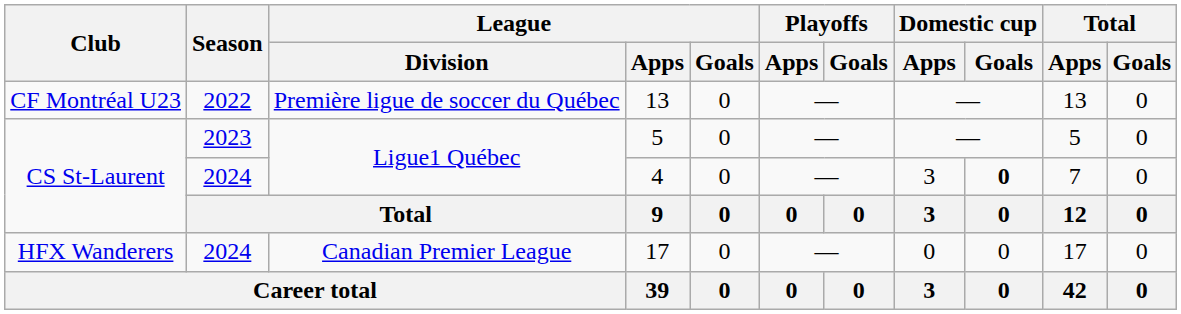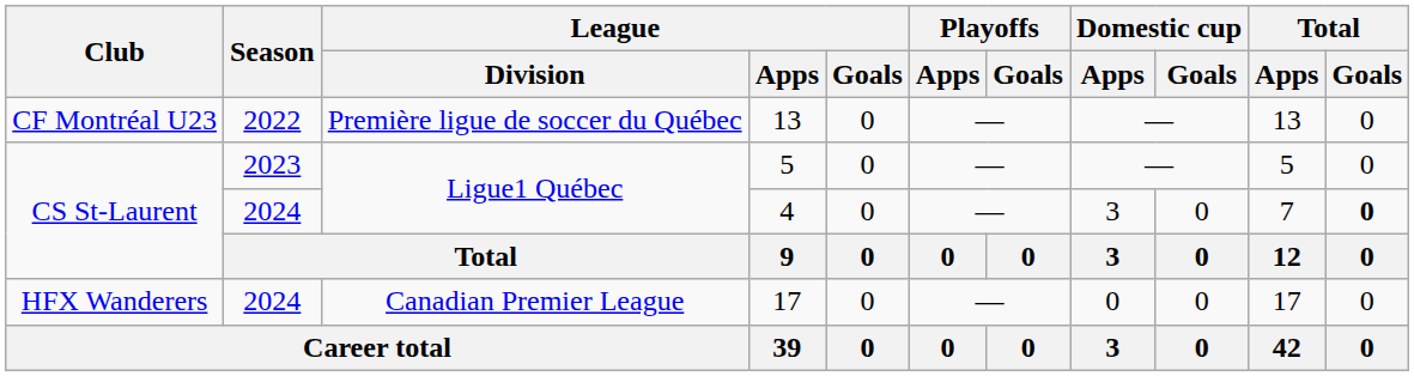 <table class="wikitable" style="text-align:center">
 <tr>
 <th rowspan="2">Club</th>
 <th rowspan="2">Season</th>
 <th colspan="3">League</th>
 <th colspan="2">Playoffs</th>
 <th colspan="2">Domestic cup</th>
 <th colspan="2">Total</th>
 </tr>
 <tr>
 <th>Division</th>
 <th>Apps</th>
 <th>Goals</th>
 <th>Apps</th>
 <th>Goals</th>
 <th>Apps</th>
 <th>Goals</th>
 <th>Apps</th>
 <th>Goals</th>
 </tr>
 <tr>
 <td><a href='#'>CF Montréal U23</a></td>
 <td><a href='#'>2022</a></td>
 <td><a href='#'>Première ligue de soccer du Québec</a></td>
 <td>13</td>
 <td>0</td>
 <td colspan="2">—</td>
 <td colspan="2">—</td>
 <td>13</td>
 <td>0</td>
 </tr>
 <tr>
 <td rowspan="3"><a href='#'>CS St-Laurent</a></td>
 <td><a href='#'>2023</a></td>
 <td rowspan="2"><a href='#'>Ligue1 Québec</a></td>
 <td>5</td>
 <td>0</td>
 <td colspan="2">—</td>
 <td colspan="2">—</td>
 <td>5</td>
 <td>0</td>
 </tr>
 <tr>
 <td><a href='#'>2024</a></td>
 <td>4</td>
 <td>0</td>
 <td colspan="2">—</td>
 <td>3</td>
+<td>0</td>
+<td>7</td>
 <td><strong>0</strong></td>
-<td>7</td>
-<td>0</td>
 </tr>
 <tr>
 <th colspan="2">Total</th>
 <th>9</th>
 <th>0</th>
 <th>0</th>
 <th>0</th>
 <th>3</th>
 <th>0</th>
 <th>12</th>
 <th>0</th>
 </tr>
 <tr>
 <td><a href='#'>HFX Wanderers</a></td>
 <td><a href='#'>2024</a></td>
 <td><a href='#'>Canadian Premier League</a></td>
 <td>17</td>
 <td>0</td>
 <td colspan="2">—</td>
 <td>0</td>
 <td>0</td>
 <td>17</td>
 <td>0</td>
 </tr>
 <tr>
 <th colspan="3">Career total</th>
 <th>39</th>
 <th>0</th>
 <th>0</th>
 <th>0</th>
 <th>3</th>
 <th>0</th>
 <th>42</th>
 <th>0</th>
 </tr>
 </table>
